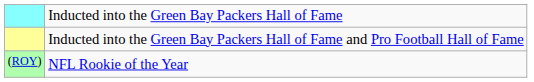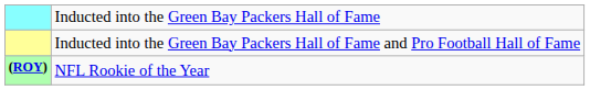 <table class="wikitable plainrowheaders" border="1">
 <tr>
 <td bgcolor="#88FFFF" align="center"><sup></sup></td>
 <td>Inducted into the <a href='#'>Green Bay Packers Hall of Fame</a></td>
 </tr>
 <tr>
 <td bgcolor="#FFFF99" align="center"></td>
 <td>Inducted into the <a href='#'>Green Bay Packers Hall of Fame</a> and <a href='#'>Pro Football Hall of Fame</a></td>
 </tr>
 <tr>
-<td bgcolor="#AFFFAF" align="center"><sup>(<a href='#'>ROY</a>)</sup></td>
+<td bgcolor="#AFFFAF" align="center"><strong><sup>(<a href='#'>ROY</a>)</sup></strong></td>
 <td><a href='#'>NFL Rookie of the Year</a></td>
 </tr>
 </table>
